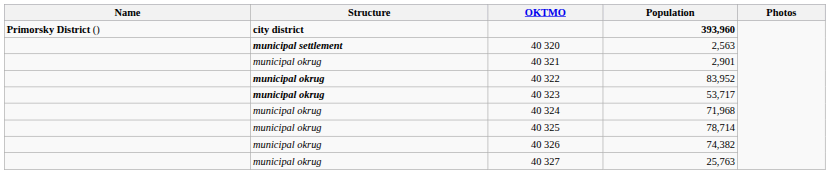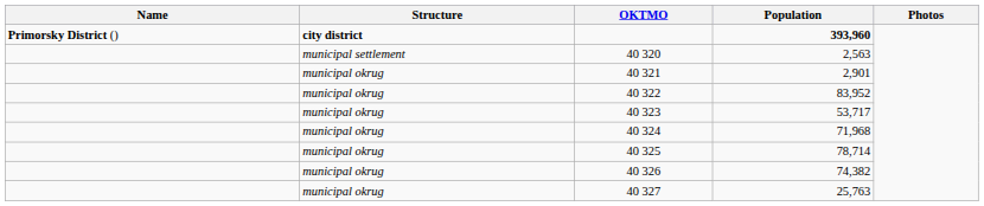 <table width=100% class="wikitable">
 <tr bgcolor="#CCCCFF" align="left">
 <th>Name</th>
 <th>Structure</th>
 <th><a href='#'>OKTMO</a></th>
 <th>Population</th>
 <th>Photos</th>
 </tr>
 <tr valign="top">
 <td><strong>Primorsky District</strong> ()</td>
 <td align="left"><strong>city district</strong></td>
 <td></td>
 <td align="right"><strong>393,960</strong></td>
 <td rowspan="11"></td>
 </tr>
 <tr>
 <td><br></td>
-<td align="left"><strong><em>municipal settlement</em></strong></td>
+<td align="left"><em>municipal settlement</em></td>
 <td align="center">40 320</td>
 <td align="right">2,563</td>
 </tr>
 <tr>
 <td><br></td>
 <td align="left"><em>municipal okrug</em></td>
 <td align="center">40 321</td>
 <td align="right">2,901</td>
 </tr>
 <tr>
 <td><br></td>
-<td align="left"><strong><em>municipal okrug</em></strong></td>
+<td align="left"><em>municipal okrug</em></td>
 <td align="center">40 322</td>
 <td align="right">83,952</td>
 </tr>
 <tr>
 <td><br></td>
-<td align="left"><strong><em>municipal okrug</em></strong></td>
+<td align="left"><em>municipal okrug</em></td>
 <td align="center">40 323</td>
 <td align="right">53,717</td>
 </tr>
 <tr>
 <td><br></td>
 <td align="left"><em>municipal okrug</em></td>
 <td align="center">40 324</td>
 <td align="right">71,968</td>
 </tr>
 <tr>
 <td><br></td>
 <td align="left"><em>municipal okrug</em></td>
 <td align="center">40 325</td>
 <td align="right">78,714</td>
 </tr>
 <tr>
 <td><br></td>
 <td align="left"><em>municipal okrug</em></td>
 <td align="center">40 326</td>
 <td align="right">74,382</td>
 </tr>
 <tr>
 <td><br></td>
 <td align="left"><em>municipal okrug</em></td>
 <td align="center">40 327</td>
 <td align="right">25,763</td>
 </tr>
 </table>
